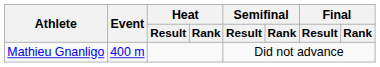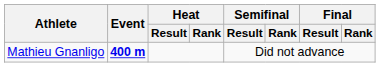 <table class="wikitable" style="font-size:90%">
 <tr>
 <th rowspan="2">Athlete</th>
 <th rowspan="2">Event</th>
 <th colspan="2">Heat</th>
 <th colspan="2">Semifinal</th>
 <th colspan="2">Final</th>
 </tr>
 <tr style="font-size:95%">
 <th>Result</th>
 <th>Rank</th>
 <th>Result</th>
 <th>Rank</th>
 <th>Result</th>
 <th>Rank</th>
 </tr>
 <tr align=center>
 <td align=left><a href='#'>Mathieu Gnanligo</a></td>
-<td align=left><a href='#'>400 m</a></td>
+<td align=left><strong><a href='#'>400 m</a></strong></td>
 <td colspan=2></td>
 <td colspan=4>Did not advance</td>
 </tr>
 </table>
